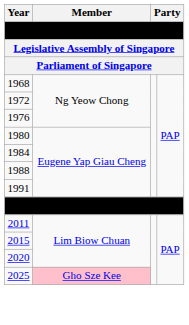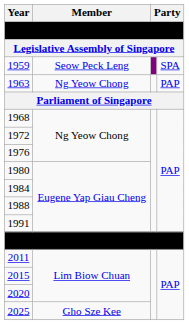 <table class="wikitable" align="center" style="text-align:center">
 <tr>
 <th>Year</th>
 <th>Member</th>
 <th colspan="2">Party</th>
 </tr>
 <tr>
 <td colspan=4 bgcolor=black><span><strong>Formation</strong></span></td>
 </tr>
 <tr>
 <th colspan="4"><a href='#'>Legislative Assembly of Singapore</a></th>
+</tr>
+<tr>
+<td><a href='#'>1959</a></td>
+<td><a href='#'>Seow Peck Leng</a></td>
+<td bgcolor=purple></td>
+<td><a href='#'>SPA</a></td>
+</tr>
+<tr>
+<td><a href='#'>1963</a></td>
+<td><a href='#'>Ng Yeow Chong</a></td>
+<td></td>
+<td><a href='#'>PAP</a></td>
 </tr>
 <tr>
 <th colspan="4"><a href='#'>Parliament of Singapore</a></th>
 </tr>
 <tr>
 <td>1968</td>
 <td rowspan="3">Ng Yeow Chong</td>
 <td rowspan="7"></td>
 <td rowspan="7"><a href='#'>PAP</a></td>
 </tr>
 <tr>
 <td>1972</td>
 </tr>
 <tr>
 <td>1976</td>
 </tr>
 <tr>
 <td>1980</td>
 <td rowspan="4"><a href='#'>Eugene Yap Giau Cheng</a></td>
 </tr>
 <tr>
 <td>1984</td>
 </tr>
 <tr>
 <td>1988</td>
 </tr>
 <tr>
 <td>1991</td>
 </tr>
 <tr>
 <td colspan=4 bgcolor=black><span><strong>Constituency abolished (1997 – 2011)</strong></span></td>
 </tr>
 <tr>
 <td><a href='#'>2011</a></td>
 <td rowspan="3"><a href='#'>Lim Biow Chuan</a></td>
 <td rowspan="4"></td>
 <td rowspan="4"><a href='#'>PAP</a></td>
 </tr>
 <tr>
 <td><a href='#'>2015</a></td>
 </tr>
 <tr>
 <td><a href='#'>2020</a></td>
 </tr>
 <tr>
 <td><a href='#'>2025</a></td>
-<td style="background: pink;"><a href='#'>Gho Sze Kee</a></td>
+<td><a href='#'>Gho Sze Kee</a></td>
 </tr>
 </table>
